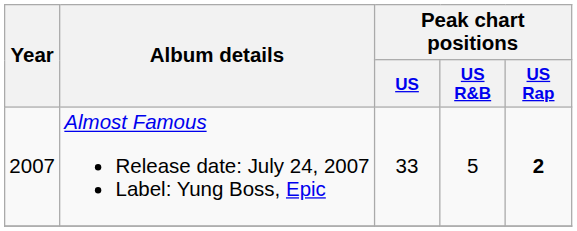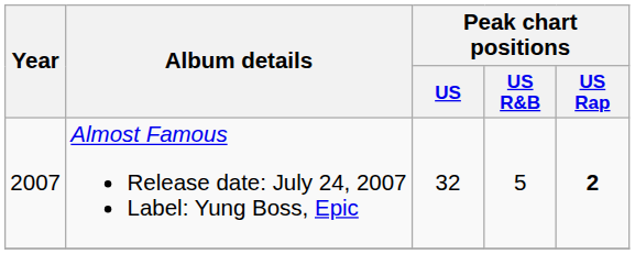 <table class="wikitable" style="text-align:center;">
 <tr>
 <th rowspan="2">Year</th>
 <th rowspan="2">Album details</th>
 <th colspan="3">Peak chart positions</th>
 </tr>
 <tr style="font-size:smaller;">
 <th width="45"><a href='#'>US</a><br></th>
 <th width="45"><a href='#'>US<br>R&B</a><br></th>
 <th width="45"><a href='#'>US<br>Rap</a><br></th>
 </tr>
 <tr>
 <td>2007</td>
 <td align="left"><em><a href='#'>Almost Famous</a></em><br><ul><li>Release date: July 24, 2007</li><li>Label: Yung Boss, <a href='#'>Epic</a></li></ul></td>
-<td>33</td>
+<td>32</td>
 <td>5</td>
 <td><strong>2</strong></td>
 </tr>
 <tr>
 </tr>
 </table>
